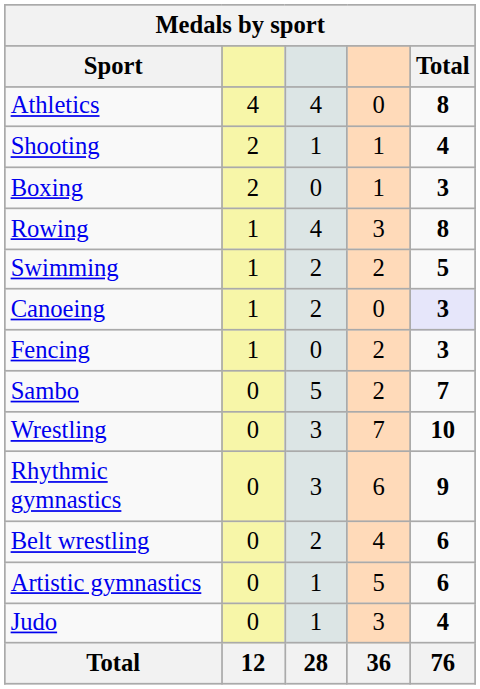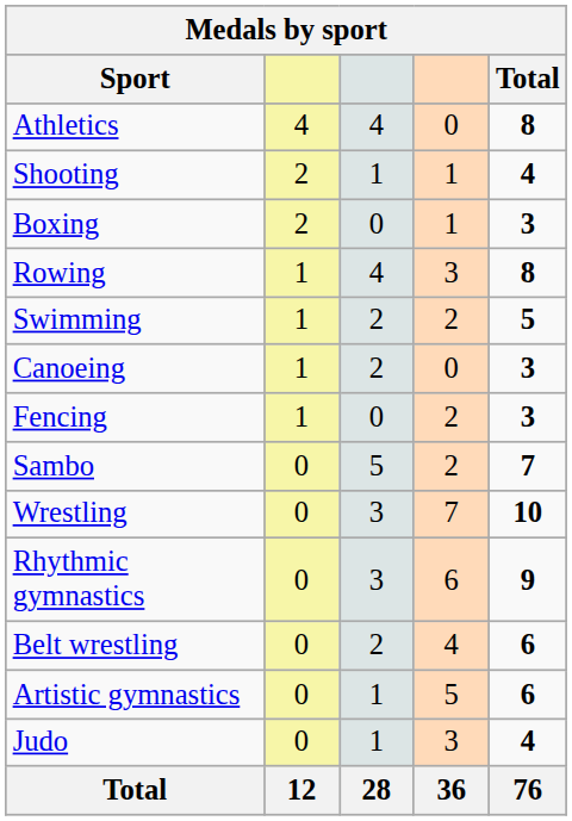 <table class="wikitable" style="font-size:90%; text-align:center;">
 <tr>
 <th colspan=5>Medals by sport</th>
 </tr>
 <tr>
 <th width=120>Sport</th>
 <th scope="col" width=30 style="background:#F7F6A8;"></th>
 <th scope="col" width=30 style="background:#DCE5E5;"></th>
 <th scope="col" width=30 style="background:#FFDAB9;"></th>
 <th width=30>Total</th>
 </tr>
 <tr>
 <td align=left><a href='#'>Athletics</a></td>
 <td style="background:#F7F6A8;">4</td>
 <td style="background:#DCE5E5;">4</td>
 <td style="background:#FFDAB9;">0</td>
 <td><strong>8</strong></td>
 </tr>
 <tr>
 <td align=left><a href='#'>Shooting</a></td>
 <td style="background:#F7F6A8;">2</td>
 <td style="background:#DCE5E5;">1</td>
 <td style="background:#FFDAB9;">1</td>
 <td><strong>4</strong></td>
 </tr>
 <tr>
 <td align=left><a href='#'>Boxing</a></td>
 <td style="background:#F7F6A8;">2</td>
 <td style="background:#DCE5E5;">0</td>
 <td style="background:#FFDAB9;">1</td>
 <td><strong>3</strong></td>
 </tr>
 <tr>
 <td align=left><a href='#'>Rowing</a></td>
 <td style="background:#F7F6A8;">1</td>
 <td style="background:#DCE5E5;">4</td>
 <td style="background:#FFDAB9;">3</td>
 <td><strong>8</strong></td>
 </tr>
 <tr>
 <td align=left><a href='#'>Swimming</a></td>
 <td style="background:#F7F6A8;">1</td>
 <td style="background:#DCE5E5;">2</td>
 <td style="background:#FFDAB9;">2</td>
 <td><strong>5</strong></td>
 </tr>
 <tr>
 <td align=left><a href='#'>Canoeing</a></td>
 <td style="background:#F7F6A8;">1</td>
 <td style="background:#DCE5E5;">2</td>
 <td style="background:#FFDAB9;">0</td>
-<td style="background: lavender;"><strong>3</strong></td>
+<td><strong>3</strong></td>
 </tr>
 <tr>
 <td align=left><a href='#'>Fencing</a></td>
 <td style="background:#F7F6A8;">1</td>
 <td style="background:#DCE5E5;">0</td>
 <td style="background:#FFDAB9;">2</td>
 <td><strong>3</strong></td>
 </tr>
 <tr>
 <td align=left><a href='#'>Sambo</a></td>
 <td style="background:#F7F6A8;">0</td>
 <td style="background:#DCE5E5;">5</td>
 <td style="background:#FFDAB9;">2</td>
 <td><strong>7</strong></td>
 </tr>
 <tr>
 <td align=left><a href='#'>Wrestling</a></td>
 <td style="background:#F7F6A8;">0</td>
 <td style="background:#DCE5E5;">3</td>
 <td style="background:#FFDAB9;">7</td>
 <td><strong>10</strong></td>
 </tr>
 <tr>
 <td align=left><a href='#'>Rhythmic gymnastics</a></td>
 <td style="background:#F7F6A8;">0</td>
 <td style="background:#DCE5E5;">3</td>
 <td style="background:#FFDAB9;">6</td>
 <td><strong>9</strong></td>
 </tr>
 <tr>
 <td align=left><a href='#'>Belt wrestling</a></td>
 <td style="background:#F7F6A8;">0</td>
 <td style="background:#DCE5E5;">2</td>
 <td style="background:#FFDAB9;">4</td>
 <td><strong>6</strong></td>
 </tr>
 <tr>
 <td align=left><a href='#'>Artistic gymnastics</a></td>
 <td style="background:#F7F6A8;">0</td>
 <td style="background:#DCE5E5;">1</td>
 <td style="background:#FFDAB9;">5</td>
 <td><strong>6</strong></td>
 </tr>
 <tr>
 <td align=left><a href='#'>Judo</a></td>
 <td style="background:#F7F6A8;">0</td>
 <td style="background:#DCE5E5;">1</td>
 <td style="background:#FFDAB9;">3</td>
 <td><strong>4</strong></td>
 </tr>
 <tr class="sortbottom">
 <th>Total</th>
 <th>12</th>
 <th>28</th>
 <th>36</th>
 <th>76</th>
 </tr>
 </table>
